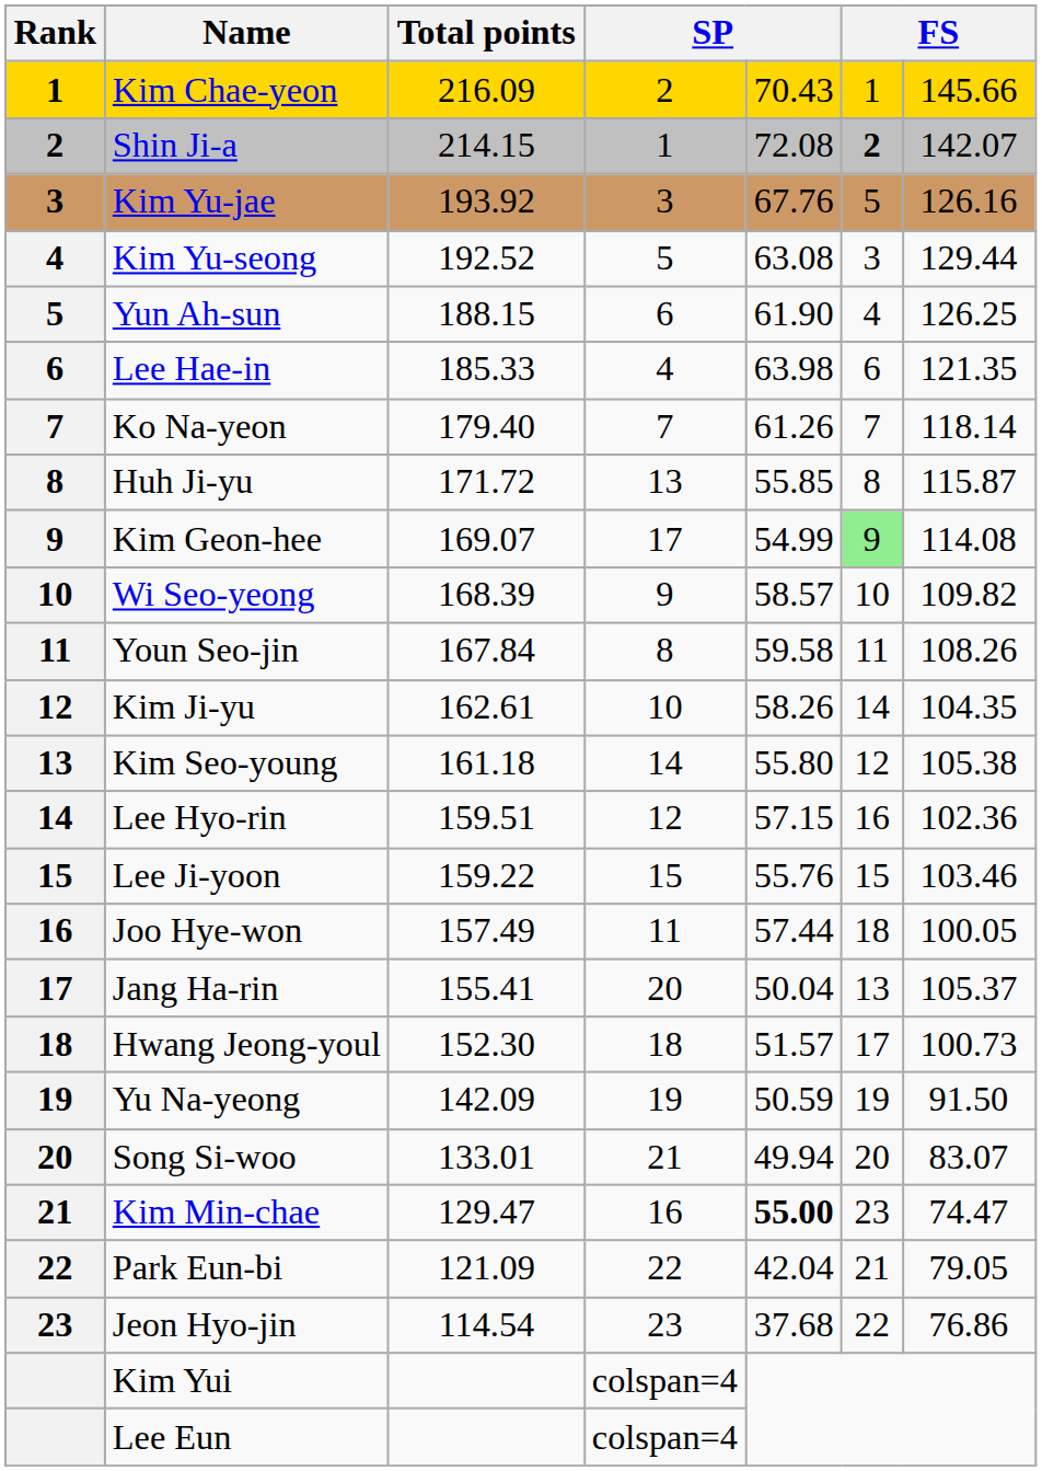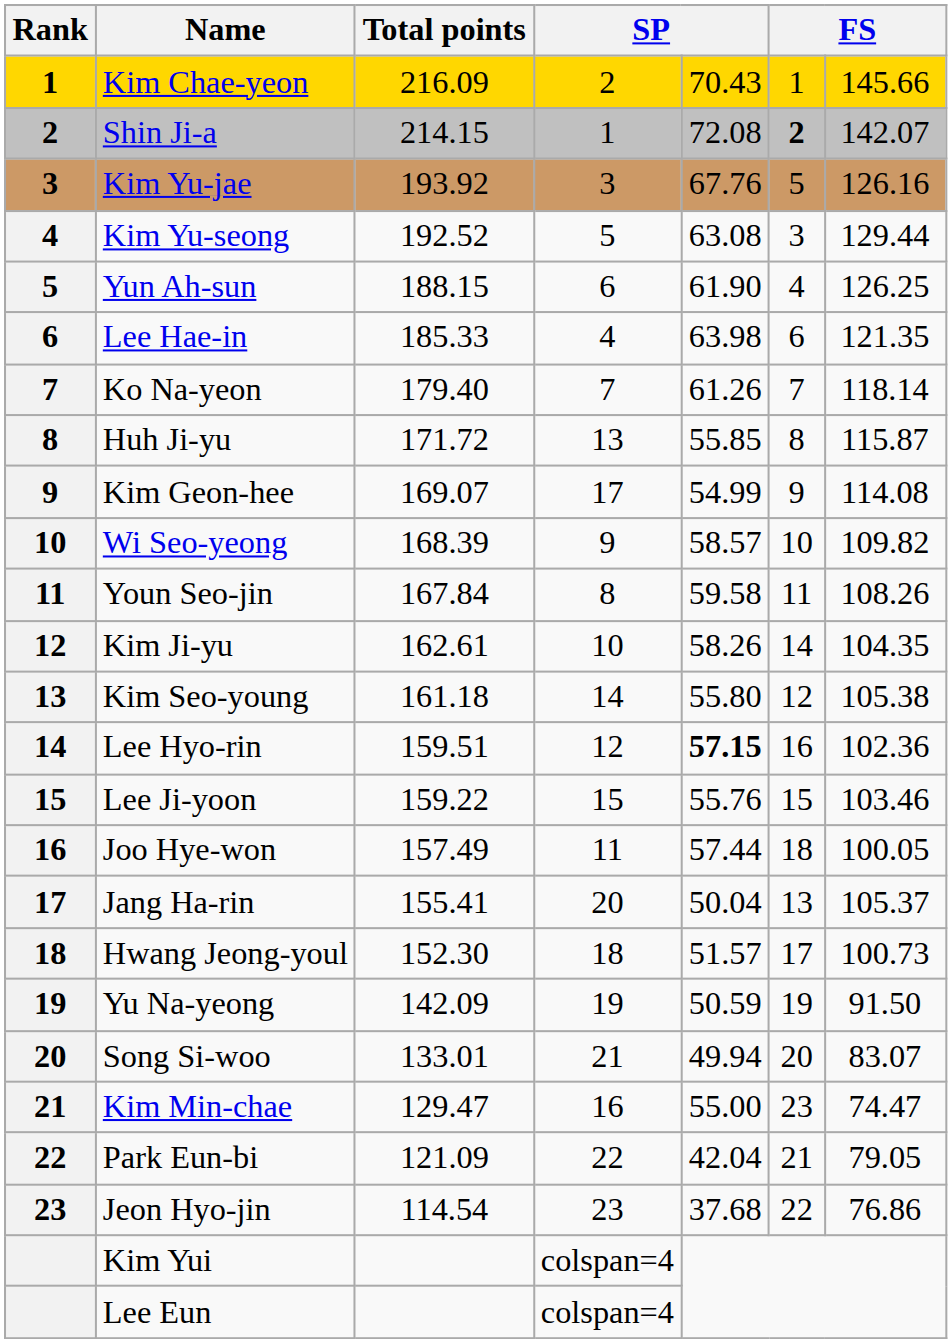 <table class="wikitable sortable">
 <tr>
 <th>Rank</th>
 <th>Name</th>
 <th>Total points</th>
 <th colspan="2" width="80px"><a href='#'>SP</a></th>
 <th colspan="2" width="80px"><a href='#'>FS</a></th>
 </tr>
 <tr bgcolor="gold">
 <td align="center"><strong>1</strong></td>
 <td><a href='#'>Kim Chae-yeon</a></td>
 <td align="center">216.09</td>
 <td align="center">2</td>
 <td align="center">70.43</td>
 <td align="center">1</td>
 <td align="center">145.66</td>
 </tr>
 <tr bgcolor="silver">
 <td align="center"><strong>2</strong></td>
 <td><a href='#'>Shin Ji-a</a></td>
 <td align="center">214.15</td>
 <td align="center">1</td>
 <td align="center">72.08</td>
 <td align="center"><strong>2</strong></td>
 <td align="center">142.07</td>
 </tr>
 <tr bgcolor="cc9966">
 <td align="center"><strong>3</strong></td>
 <td><a href='#'>Kim Yu-jae</a></td>
 <td align="center">193.92</td>
 <td align="center">3</td>
 <td align="center">67.76</td>
 <td align="center">5</td>
 <td align="center">126.16</td>
 </tr>
 <tr>
 <th>4</th>
 <td><a href='#'>Kim Yu-seong</a></td>
 <td align="center">192.52</td>
 <td align="center">5</td>
 <td align="center">63.08</td>
 <td align="center">3</td>
 <td align="center">129.44</td>
 </tr>
 <tr>
 <th>5</th>
 <td><a href='#'>Yun Ah-sun</a></td>
 <td align="center">188.15</td>
 <td align="center">6</td>
 <td align="center">61.90</td>
 <td align="center">4</td>
 <td align="center">126.25</td>
 </tr>
 <tr>
 <th>6</th>
 <td><a href='#'>Lee Hae-in</a></td>
 <td align="center">185.33</td>
 <td align="center">4</td>
 <td align="center">63.98</td>
 <td align="center">6</td>
 <td align="center">121.35</td>
 </tr>
 <tr>
 <th>7</th>
 <td>Ko Na-yeon</td>
 <td align="center">179.40</td>
 <td align="center">7</td>
 <td align="center">61.26</td>
 <td align="center">7</td>
 <td align="center">118.14</td>
 </tr>
 <tr>
 <th>8</th>
 <td>Huh Ji-yu</td>
 <td align="center">171.72</td>
 <td align="center">13</td>
 <td align="center">55.85</td>
 <td align="center">8</td>
 <td align="center">115.87</td>
 </tr>
 <tr>
 <th>9</th>
 <td>Kim Geon-hee</td>
 <td align="center">169.07</td>
 <td align="center">17</td>
 <td align="center">54.99</td>
-<td align="center" style="background: lightgreen;">9</td>
+<td align="center">9</td>
 <td align="center">114.08</td>
 </tr>
 <tr>
 <th>10</th>
 <td><a href='#'>Wi Seo-yeong</a></td>
 <td align="center">168.39</td>
 <td align="center">9</td>
 <td align="center">58.57</td>
 <td align="center">10</td>
 <td align="center">109.82</td>
 </tr>
 <tr>
 <th>11</th>
 <td>Youn Seo-jin</td>
 <td align="center">167.84</td>
 <td align="center">8</td>
 <td align="center">59.58</td>
 <td align="center">11</td>
 <td align="center">108.26</td>
 </tr>
 <tr>
 <th>12</th>
 <td>Kim Ji-yu</td>
 <td align="center">162.61</td>
 <td align="center">10</td>
 <td align="center">58.26</td>
 <td align="center">14</td>
 <td align="center">104.35</td>
 </tr>
 <tr>
 <th>13</th>
 <td>Kim Seo-young</td>
 <td align="center">161.18</td>
 <td align="center">14</td>
 <td align="center">55.80</td>
 <td align="center">12</td>
 <td align="center">105.38</td>
 </tr>
 <tr>
 <th>14</th>
 <td>Lee Hyo-rin</td>
 <td align="center">159.51</td>
 <td align="center">12</td>
-<td align="center">57.15</td>
+<td align="center"><strong>57.15</strong></td>
 <td align="center">16</td>
 <td align="center">102.36</td>
 </tr>
 <tr>
 <th>15</th>
 <td>Lee Ji-yoon</td>
 <td align="center">159.22</td>
 <td align="center">15</td>
 <td align="center">55.76</td>
 <td align="center">15</td>
 <td align="center">103.46</td>
 </tr>
 <tr>
 <th>16</th>
 <td>Joo Hye-won</td>
 <td align="center">157.49</td>
 <td align="center">11</td>
 <td align="center">57.44</td>
 <td align="center">18</td>
 <td align="center">100.05</td>
 </tr>
 <tr>
 <th>17</th>
 <td>Jang Ha-rin</td>
 <td align="center">155.41</td>
 <td align="center">20</td>
 <td align="center">50.04</td>
 <td align="center">13</td>
 <td align="center">105.37</td>
 </tr>
 <tr>
 <th>18</th>
 <td>Hwang Jeong-youl</td>
 <td align="center">152.30</td>
 <td align="center">18</td>
 <td align="center">51.57</td>
 <td align="center">17</td>
 <td align="center">100.73</td>
 </tr>
 <tr>
 <th>19</th>
 <td>Yu Na-yeong</td>
 <td align="center">142.09</td>
 <td align="center">19</td>
 <td align="center">50.59</td>
 <td align="center">19</td>
 <td align="center">91.50</td>
 </tr>
 <tr>
 <th>20</th>
 <td>Song Si-woo</td>
 <td align="center">133.01</td>
 <td align="center">21</td>
 <td align="center">49.94</td>
 <td align="center">20</td>
 <td align="center">83.07</td>
 </tr>
 <tr>
 <th>21</th>
 <td><a href='#'>Kim Min-chae</a></td>
 <td align="center">129.47</td>
 <td align="center">16</td>
-<td align="center"><strong>55.00</strong></td>
+<td align="center">55.00</td>
 <td align="center">23</td>
 <td align="center">74.47</td>
 </tr>
 <tr>
 <th>22</th>
 <td>Park Eun-bi</td>
 <td align="center">121.09</td>
 <td align="center">22</td>
 <td align="center">42.04</td>
 <td align="center">21</td>
 <td align="center">79.05</td>
 </tr>
 <tr>
 <th>23</th>
 <td>Jeon Hyo-jin</td>
 <td align="center">114.54</td>
 <td align="center">23</td>
 <td align="center">37.68</td>
 <td align="center">22</td>
 <td align="center">76.86</td>
 </tr>
 <tr>
 <th></th>
 <td>Kim Yui</td>
 <td></td>
 <td>colspan=4 </td>
 </tr>
 <tr>
 <th></th>
 <td>Lee Eun</td>
 <td></td>
 <td>colspan=4 </td>
 </tr>
 </table>
